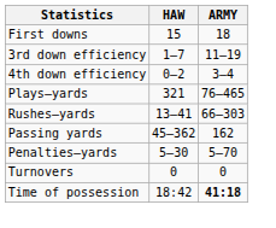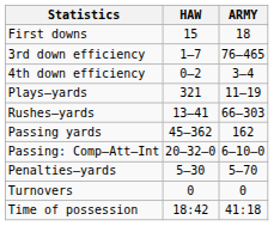 <table class="wikitable">
 <tr>
 <th>Statistics</th>
 <th>HAW</th>
 <th>ARMY</th>
 </tr>
 <tr>
 <td>First downs</td>
 <td align=center>15</td>
 <td align=center>18</td>
 </tr>
 <tr>
 <td>3rd down efficiency</td>
 <td align=center>1–7</td>
-<td align=center>11–19</td>
+<td align=center>76–465</td>
 </tr>
 <tr>
 <td>4th down efficiency</td>
 <td align=center>0–2</td>
 <td align=center>3–4</td>
 </tr>
 <tr>
 <td>Plays–yards</td>
 <td align=center>321</td>
-<td align=center>76–465</td>
+<td align=center>11–19</td>
 </tr>
 <tr>
 <td>Rushes–yards</td>
 <td align=center>13–41</td>
 <td align=center>66–303</td>
 </tr>
 <tr>
 <td>Passing yards</td>
 <td align=center>45–362</td>
 <td align=center>162</td>
+</tr>
+<tr>
+<td>Passing: Comp–Att–Int</td>
+<td align=center>20–32–0</td>
+<td align=center>6–10–0</td>
 </tr>
 <tr>
 <td>Penalties–yards</td>
 <td align=center>5–30</td>
 <td align=center>5–70</td>
 </tr>
 <tr>
 <td>Turnovers</td>
 <td align=center>0</td>
 <td align=center>0</td>
 </tr>
 <tr>
 <td>Time of possession</td>
 <td align=center>18:42</td>
-<td align=center><strong>41:18</strong></td>
+<td align=center>41:18</td>
 </tr>
 </table>
